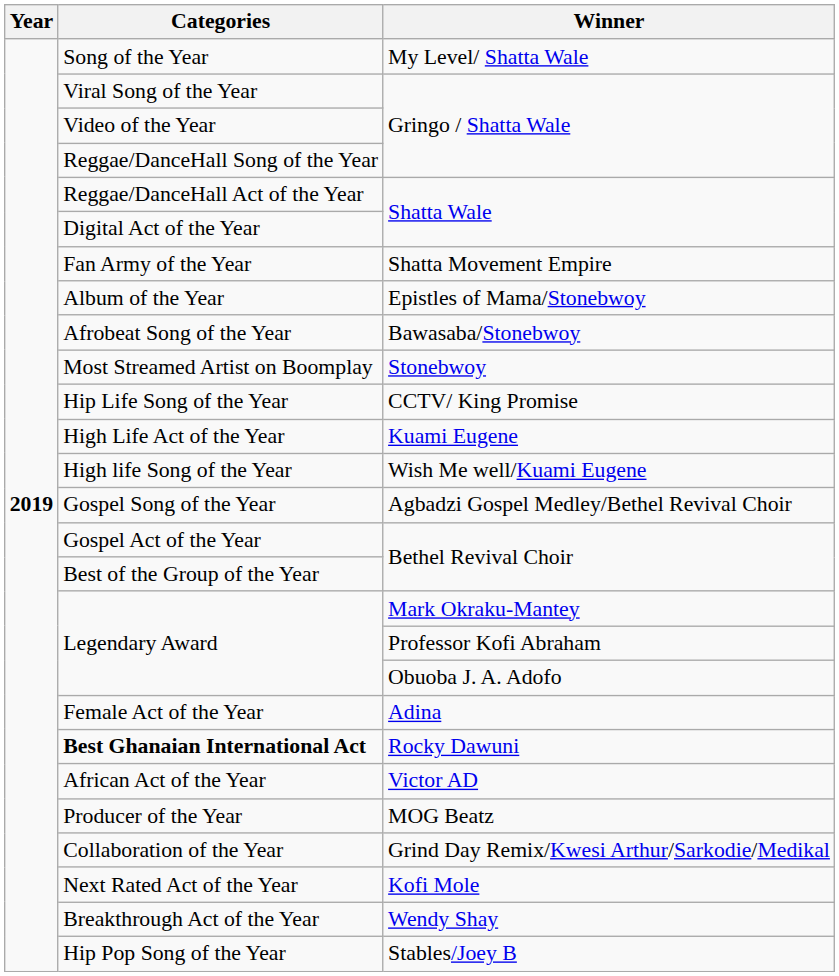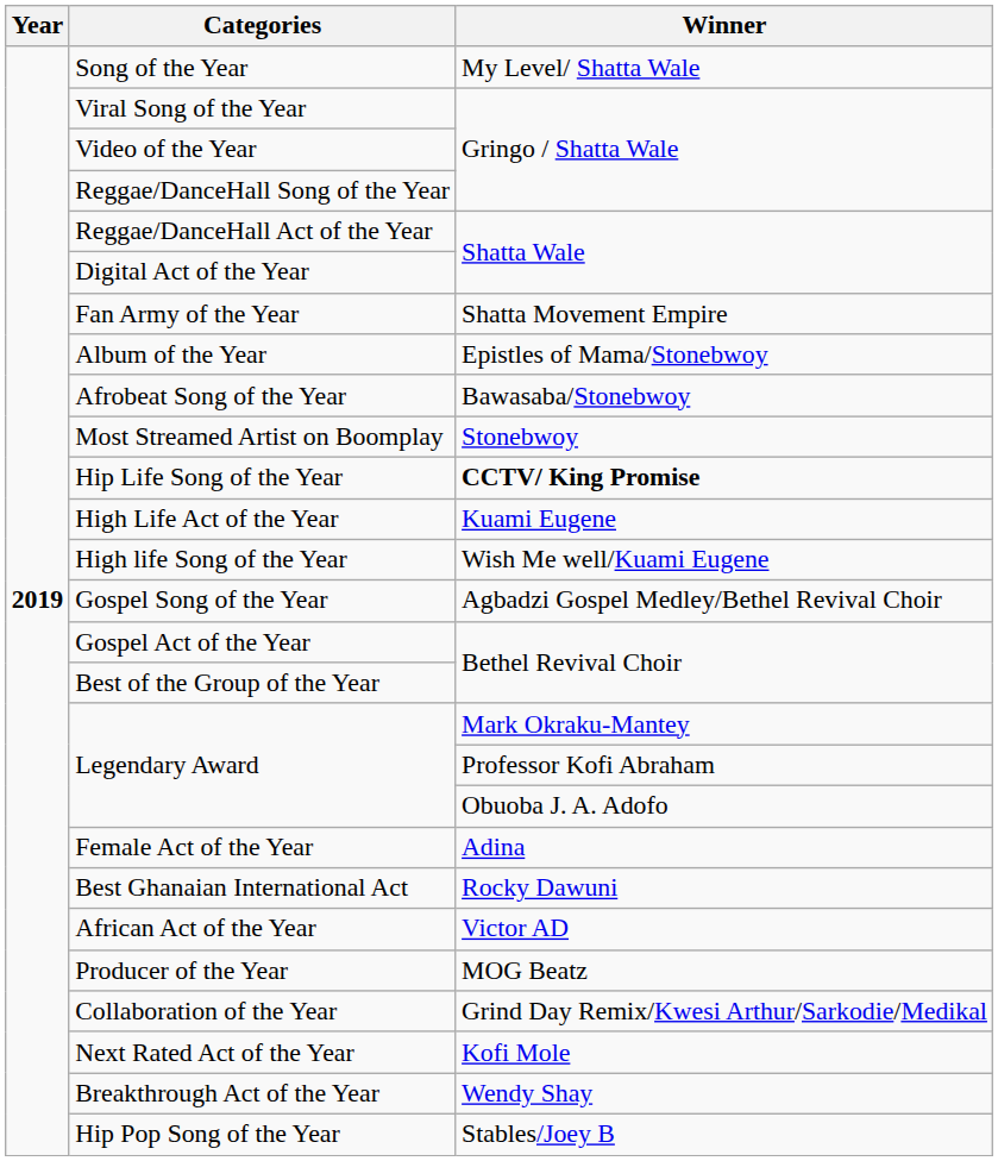 <table class="wikitable">
 <tr>
 <th>Year</th>
 <th>Categories</th>
 <th>Winner</th>
 </tr>
 <tr>
 <td rowspan="27"><strong>2019</strong></td>
 <td>Song of the Year</td>
 <td>My Level/ <a href='#'>Shatta Wale</a></td>
 </tr>
 <tr>
 <td>Viral Song of the Year</td>
 <td rowspan="3">Gringo / <a href='#'>Shatta Wale</a></td>
 </tr>
 <tr>
 <td>Video of the Year</td>
 </tr>
 <tr>
 <td>Reggae/DanceHall Song of the Year</td>
 </tr>
 <tr>
 <td>Reggae/DanceHall Act of the Year</td>
 <td rowspan="2"><a href='#'>Shatta Wale</a></td>
 </tr>
 <tr>
 <td>Digital Act of the Year</td>
 </tr>
 <tr>
 <td>Fan Army of the Year</td>
 <td>Shatta Movement Empire</td>
 </tr>
 <tr>
 <td>Album of the Year</td>
 <td>Epistles of Mama/<a href='#'>Stonebwoy</a></td>
 </tr>
 <tr>
 <td>Afrobeat Song of the Year</td>
 <td>Bawasaba/<a href='#'>Stonebwoy</a></td>
 </tr>
 <tr>
 <td>Most Streamed Artist on Boomplay</td>
 <td><a href='#'>Stonebwoy</a></td>
 </tr>
 <tr>
 <td>Hip Life Song of the Year</td>
-<td>CCTV/ King Promise</td>
+<td><strong>CCTV/ King Promise</strong></td>
 </tr>
 <tr>
 <td>High Life Act of the Year</td>
 <td><a href='#'>Kuami Eugene</a></td>
 </tr>
 <tr>
 <td>High life Song of the Year</td>
 <td>Wish Me well/<a href='#'>Kuami Eugene</a></td>
 </tr>
 <tr>
 <td>Gospel Song of the Year</td>
 <td>Agbadzi Gospel Medley/Bethel Revival Choir</td>
 </tr>
 <tr>
 <td>Gospel Act of the Year</td>
 <td rowspan="2">Bethel Revival Choir</td>
 </tr>
 <tr>
 <td>Best of the Group of the Year</td>
 </tr>
 <tr>
 <td rowspan="3">Legendary Award</td>
 <td><a href='#'>Mark Okraku-Mantey</a></td>
 </tr>
 <tr>
 <td>Professor Kofi Abraham</td>
 </tr>
 <tr>
 <td>Obuoba J. A. Adofo</td>
 </tr>
 <tr>
 <td>Female Act of the Year</td>
 <td><a href='#'>Adina</a></td>
 </tr>
 <tr>
-<td><strong>Best Ghanaian International Act</strong></td>
+<td>Best Ghanaian International Act</td>
 <td><a href='#'>Rocky Dawuni</a></td>
 </tr>
 <tr>
 <td>African Act of the Year</td>
 <td><a href='#'>Victor AD</a></td>
 </tr>
 <tr>
 <td>Producer of the Year</td>
 <td>MOG Beatz</td>
 </tr>
 <tr>
 <td>Collaboration of the Year</td>
 <td>Grind Day Remix/<a href='#'>Kwesi Arthur</a>/<a href='#'>Sarkodie</a>/<a href='#'>Medikal</a></td>
 </tr>
 <tr>
 <td>Next Rated Act of the Year</td>
 <td><a href='#'>Kofi Mole</a></td>
 </tr>
 <tr>
 <td>Breakthrough Act of the Year</td>
 <td><a href='#'>Wendy Shay</a></td>
 </tr>
 <tr>
 <td>Hip Pop Song of the Year</td>
 <td>Stables<a href='#'>/Joey B</a></td>
 </tr>
 </table>
